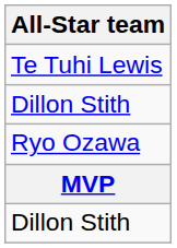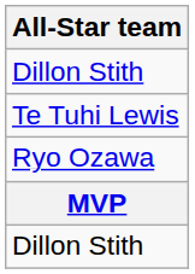 <table class="wikitable plainrowheaders">
 <tr>
 <th scope="col" colspan=2>All-Star team</th>
 </tr>
 <tr>
-<td> <a href='#'>Te Tuhi Lewis</a></td>
+<td> <a href='#'>Dillon Stith</a></td>
 </tr>
 <tr>
-<td> <a href='#'>Dillon Stith</a></td>
+<td> <a href='#'>Te Tuhi Lewis</a></td>
 </tr>
 <tr>
 <td> <a href='#'>Ryo Ozawa</a></td>
 </tr>
 <tr>
 <th scope="col" colspan=2><a href='#'>MVP</a></th>
 </tr>
 <tr>
 <td> Dillon Stith</td>
 </tr>
 </table>
